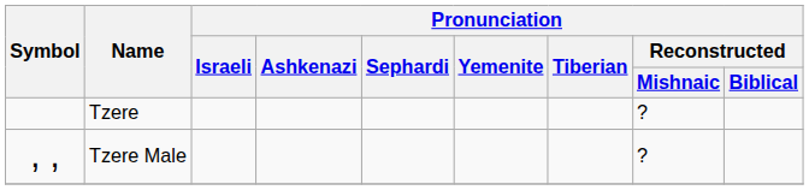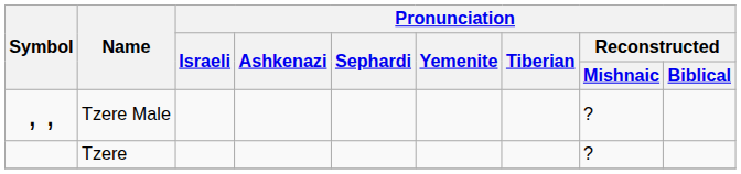 <table class="wikitable">
 <tr>
 <th rowspan=3>Symbol</th>
 <th rowspan=3>Name</th>
 <th ! colspan=7><a href='#'>Pronunciation</a></th>
 </tr>
 <tr>
 <th ! rowspan=2><a href='#'>Israeli</a></th>
 <th ! rowspan=2><a href='#'>Ashkenazi</a></th>
 <th ! rowspan=2><a href='#'>Sephardi</a></th>
 <th ! rowspan=2><a href='#'>Yemenite</a></th>
 <th ! rowspan=2><a href='#'>Tiberian</a></th>
 <th ! colspan=2>Reconstructed</th>
 </tr>
 <tr>
 <th><a href='#'>Mishnaic</a></th>
 <th><a href='#'>Biblical</a></th>
 </tr>
 <tr>
+<td align="center" style="font-size:180%">, , </td>
+<td>Tzere Male</td>
+<td></td>
+<td></td>
+<td></td>
+<td></td>
+<td></td>
+<td>?</td>
+<td></td>
+</tr>
+<tr>
 <td align="center" style="font-family:David, Arial Unicode, SBL Hebrew;font-size:180%"></td>
 <td>Tzere</td>
 <td></td>
 <td></td>
 <td></td>
 <td></td>
 <td></td>
 <td>?</td>
 <td></td>
 </tr>
 <tr>
-<td align="center" style="font-size:180%">, , </td>
-<td>Tzere Male</td>
-<td></td>
-<td></td>
-<td></td>
-<td></td>
-<td></td>
-<td>?</td>
-<td></td>
-</tr>
-<tr>
 </tr>
 </table>
